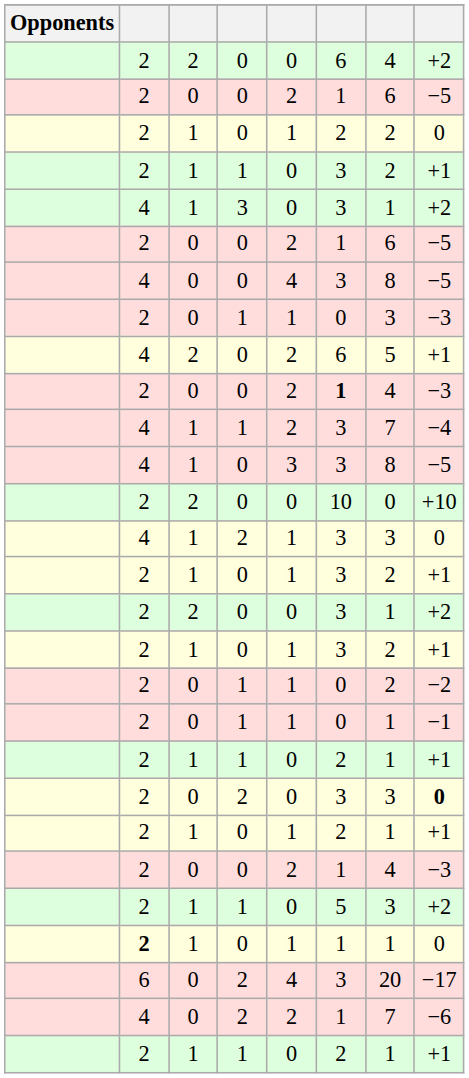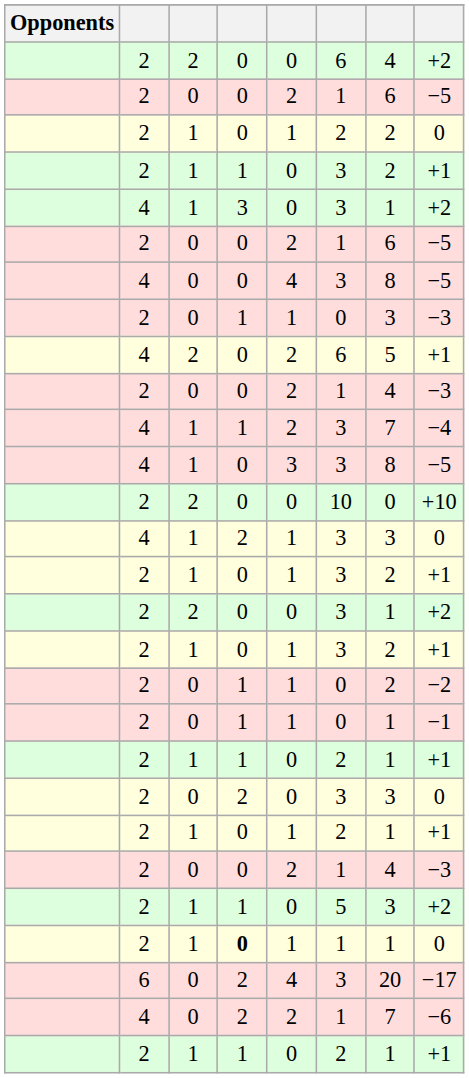 <table class="wikitable sortable collapsed" style="text-align: center; font-size: 90%;">
 <tr>
 </tr>
 <tr>
 <th>Opponents</th>
 <th width=25></th>
 <th width=25></th>
 <th width=25></th>
 <th width=25></th>
 <th width=25></th>
 <th width=25></th>
 <th width=25></th>
 </tr>
 <tr bgcolor="#ddffdd">
 <td align="left"></td>
 <td>2</td>
 <td>2</td>
 <td>0</td>
 <td>0</td>
 <td>6</td>
 <td>4</td>
 <td>+2</td>
 </tr>
 <tr bgcolor="#ffdddd">
 <td align="left"></td>
 <td>2</td>
 <td>0</td>
 <td>0</td>
 <td>2</td>
 <td>1</td>
 <td>6</td>
 <td>−5</td>
 </tr>
 <tr bgcolor="#ffffdd">
 <td align="left"></td>
 <td>2</td>
 <td>1</td>
 <td>0</td>
 <td>1</td>
 <td>2</td>
 <td>2</td>
 <td>0</td>
 </tr>
 <tr bgcolor="#ddffdd">
 <td align="left"></td>
 <td>2</td>
 <td>1</td>
 <td>1</td>
 <td>0</td>
 <td>3</td>
 <td>2</td>
 <td>+1</td>
 </tr>
 <tr bgcolor="#ddffdd">
 <td align="left"></td>
 <td>4</td>
 <td>1</td>
 <td>3</td>
 <td>0</td>
 <td>3</td>
 <td>1</td>
 <td>+2</td>
 </tr>
 <tr bgcolor="#ffdddd">
 <td align="left"></td>
 <td>2</td>
 <td>0</td>
 <td>0</td>
 <td>2</td>
 <td>1</td>
 <td>6</td>
 <td>−5</td>
 </tr>
 <tr bgcolor="#ffdddd">
 <td align="left"></td>
 <td>4</td>
 <td>0</td>
 <td>0</td>
 <td>4</td>
 <td>3</td>
 <td>8</td>
 <td>−5</td>
 </tr>
 <tr bgcolor="#ffdddd">
 <td align="left"></td>
 <td>2</td>
 <td>0</td>
 <td>1</td>
 <td>1</td>
 <td>0</td>
 <td>3</td>
 <td>−3</td>
 </tr>
 <tr bgcolor="#ffffdd">
 <td align="left"></td>
 <td>4</td>
 <td>2</td>
 <td>0</td>
 <td>2</td>
 <td>6</td>
 <td>5</td>
 <td>+1</td>
 </tr>
 <tr bgcolor="#ffdddd">
 <td align="left"></td>
 <td>2</td>
 <td>0</td>
 <td>0</td>
 <td>2</td>
-<td><strong>1</strong></td>
+<td>1</td>
 <td>4</td>
 <td>−3</td>
 </tr>
 <tr bgcolor="#ffdddd">
 <td align="left"></td>
 <td>4</td>
 <td>1</td>
 <td>1</td>
 <td>2</td>
 <td>3</td>
 <td>7</td>
 <td>−4</td>
 </tr>
 <tr bgcolor="#ffdddd">
 <td align="left"></td>
 <td>4</td>
 <td>1</td>
 <td>0</td>
 <td>3</td>
 <td>3</td>
 <td>8</td>
 <td>−5</td>
 </tr>
 <tr bgcolor="#ddffdd">
 <td align="left"></td>
 <td>2</td>
 <td>2</td>
 <td>0</td>
 <td>0</td>
 <td>10</td>
 <td>0</td>
 <td>+10</td>
 </tr>
 <tr bgcolor="#ffffdd">
 <td align="left"></td>
 <td>4</td>
 <td>1</td>
 <td>2</td>
 <td>1</td>
 <td>3</td>
 <td>3</td>
 <td>0</td>
 </tr>
 <tr bgcolor="#ffffdd">
 <td align="left"></td>
 <td>2</td>
 <td>1</td>
 <td>0</td>
 <td>1</td>
 <td>3</td>
 <td>2</td>
 <td>+1</td>
 </tr>
 <tr bgcolor="#ddffdd">
 <td align="left"></td>
 <td>2</td>
 <td>2</td>
 <td>0</td>
 <td>0</td>
 <td>3</td>
 <td>1</td>
 <td>+2</td>
 </tr>
 <tr bgcolor="#ffffdd">
 <td align="left"></td>
 <td>2</td>
 <td>1</td>
 <td>0</td>
 <td>1</td>
 <td>3</td>
 <td>2</td>
 <td>+1</td>
 </tr>
 <tr bgcolor="#ffdddd">
 <td align="left"></td>
 <td>2</td>
 <td>0</td>
 <td>1</td>
 <td>1</td>
 <td>0</td>
 <td>2</td>
 <td>−2</td>
 </tr>
 <tr bgcolor="#ffdddd">
 <td align="left"></td>
 <td>2</td>
 <td>0</td>
 <td>1</td>
 <td>1</td>
 <td>0</td>
 <td>1</td>
 <td>−1</td>
 </tr>
 <tr bgcolor="#ddffdd">
 <td align="left"></td>
 <td>2</td>
 <td>1</td>
 <td>1</td>
 <td>0</td>
 <td>2</td>
 <td>1</td>
 <td>+1</td>
 </tr>
 <tr bgcolor="#ffffdd">
 <td align="left"></td>
 <td>2</td>
 <td>0</td>
 <td>2</td>
 <td>0</td>
 <td>3</td>
 <td>3</td>
-<td><strong>0</strong></td>
+<td>0</td>
 </tr>
 <tr bgcolor="#ffffdd">
 <td align="left"></td>
 <td>2</td>
 <td>1</td>
 <td>0</td>
 <td>1</td>
 <td>2</td>
 <td>1</td>
 <td>+1</td>
 </tr>
 <tr bgcolor="#ffdddd">
 <td align="left"></td>
 <td>2</td>
 <td>0</td>
 <td>0</td>
 <td>2</td>
 <td>1</td>
 <td>4</td>
 <td>−3</td>
 </tr>
 <tr bgcolor="#ddffdd">
 <td align="left"></td>
 <td>2</td>
 <td>1</td>
 <td>1</td>
 <td>0</td>
 <td>5</td>
 <td>3</td>
 <td>+2</td>
 </tr>
 <tr bgcolor="#ffffdd">
 <td align="left"></td>
-<td><strong>2</strong></td>
+<td>2</td>
 <td>1</td>
-<td>0</td>
+<td><strong>0</strong></td>
 <td>1</td>
 <td>1</td>
 <td>1</td>
 <td>0</td>
 </tr>
 <tr bgcolor= "#ffdddd">
 <td align="left"></td>
 <td>6</td>
 <td>0</td>
 <td>2</td>
 <td>4</td>
 <td>3</td>
 <td>20</td>
 <td>−17</td>
 </tr>
 <tr bgcolor="#ffdddd">
 <td align="left"></td>
 <td>4</td>
 <td>0</td>
 <td>2</td>
 <td>2</td>
 <td>1</td>
 <td>7</td>
 <td>−6</td>
 </tr>
 <tr bgcolor="#ddffdd">
 <td align="left"></td>
 <td>2</td>
 <td>1</td>
 <td>1</td>
 <td>0</td>
 <td>2</td>
 <td>1</td>
 <td>+1</td>
 </tr>
 </table>
